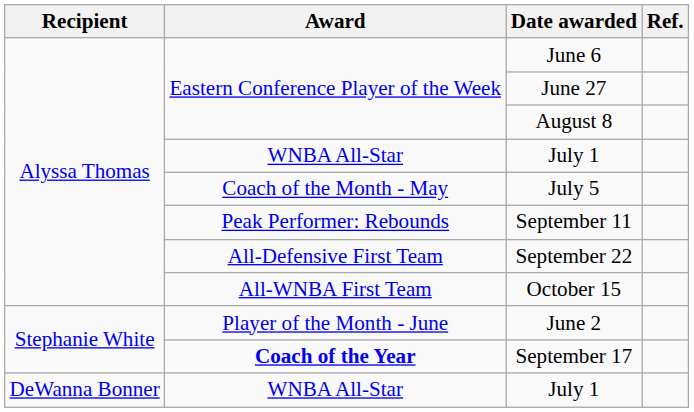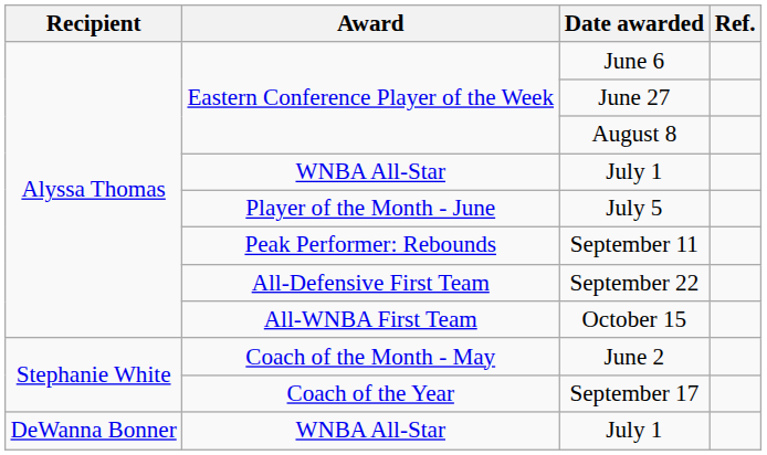 <table class="wikitable sortable sortable" style="text-align: center">
 <tr>
 <th>Recipient</th>
 <th>Award</th>
 <th>Date awarded</th>
 <th>Ref.</th>
 </tr>
 <tr>
 <td rowspan=8><a href='#'>Alyssa Thomas</a></td>
 <td rowspan=3><a href='#'>Eastern Conference Player of the Week</a></td>
 <td>June 6</td>
 <td></td>
 </tr>
 <tr>
 <td>June 27</td>
 <td></td>
 </tr>
 <tr>
 <td>August 8</td>
 <td></td>
 </tr>
 <tr>
 <td><a href='#'>WNBA All-Star</a></td>
 <td>July 1</td>
 <td></td>
 </tr>
 <tr>
-<td><a href='#'>Coach of the Month - May</a></td>
+<td><a href='#'>Player of the Month - June</a></td>
 <td>July 5</td>
 <td></td>
 </tr>
 <tr>
 <td><a href='#'>Peak Performer: Rebounds</a></td>
 <td>September 11</td>
 <td></td>
 </tr>
 <tr>
 <td><a href='#'>All-Defensive First Team</a></td>
 <td>September 22</td>
 <td></td>
 </tr>
 <tr>
 <td><a href='#'>All-WNBA First Team</a></td>
 <td>October 15</td>
 <td></td>
 </tr>
 <tr>
 <td rowspan=2><a href='#'>Stephanie White</a></td>
-<td><a href='#'>Player of the Month - June</a></td>
+<td><a href='#'>Coach of the Month - May</a></td>
 <td>June 2</td>
 <td></td>
 </tr>
 <tr>
-<td><strong><a href='#'>Coach of the Year</a></strong></td>
+<td><a href='#'>Coach of the Year</a></td>
 <td>September 17</td>
 <td></td>
 </tr>
 <tr>
 <td><a href='#'>DeWanna Bonner</a></td>
 <td><a href='#'>WNBA All-Star</a></td>
 <td>July 1</td>
 <td></td>
 </tr>
 </table>
